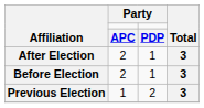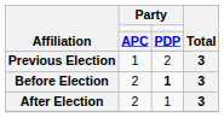 <table class=wikitable style="text-align:center">
 <tr style="vertical-align:bottom;">
 <th rowspan=3>Affiliation</th>
 <th colspan=2>Party</th>
 <th rowspan=3>Total</th>
 </tr>
 <tr>
 <td style="background-color:"></td>
 <td style="background-color:"></td>
 </tr>
 <tr>
 <th><a href='#'>APC</a></th>
 <th><a href='#'>PDP</a></th>
 </tr>
 <tr>
+<th>Previous Election</th>
+<td>1</td>
+<td>2</td>
+<th>3</th>
+</tr>
+<tr>
+<th>Before Election</th>
+<td>2</td>
+<td><strong>1</strong></td>
+<th>3</th>
+</tr>
+<tr>
 <th>After Election</th>
 <td>2</td>
 <td>1</td>
 <th>3</th>
 </tr>
 <tr>
-<th>Before Election</th>
-<td>2</td>
-<td>1</td>
-<th>3</th>
-</tr>
-<tr>
-<th>Previous Election</th>
-<td>1</td>
-<td>2</td>
-<th>3</th>
-</tr>
-<tr>
 </tr>
 </table>
